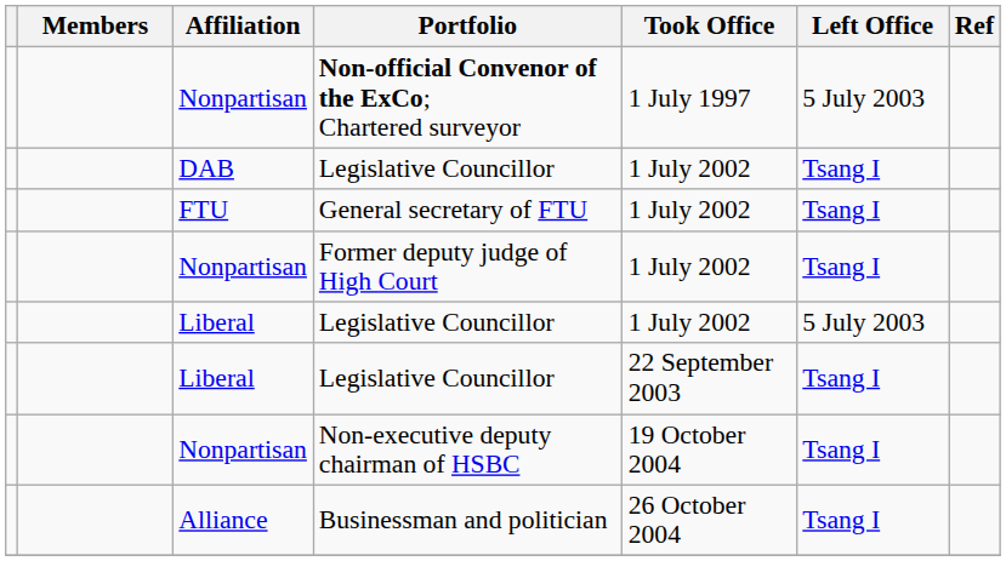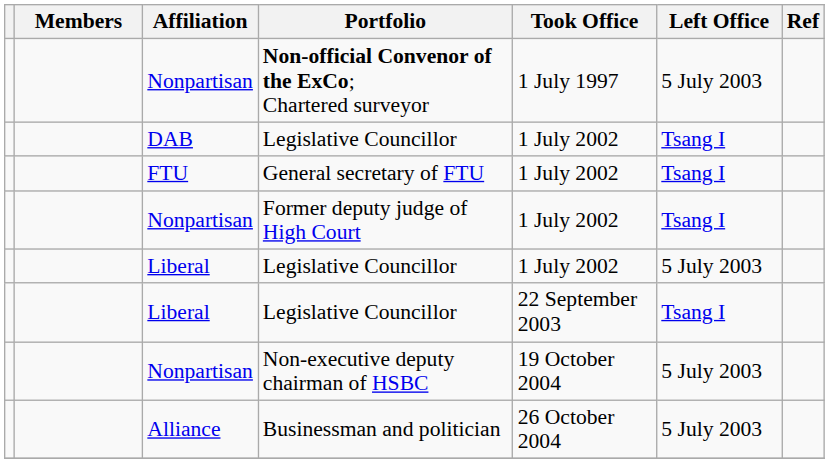 <table class="wikitable">
 <tr>
 <th class="unsortable"></th>
 <th width="110px">Members</th>
 <th width="50px">Affiliation</th>
 <th width="280px">Portfolio</th>
 <th width="130px">Took Office</th>
 <th width="130px">Left Office</th>
 <th>Ref</th>
 </tr>
 <tr>
 <td style="color:inherit;background:"></td>
 <td><strong></strong></td>
 <td><a href='#'>Nonpartisan</a></td>
 <td><strong>Non-official Convenor of the ExCo</strong>;<br>Chartered surveyor</td>
 <td>1 July 1997</td>
 <td>5 July 2003</td>
 <td></td>
 </tr>
 <tr>
 <td style="color:inherit;background:"></td>
 <td></td>
 <td><a href='#'>DAB</a></td>
 <td>Legislative Councillor</td>
 <td>1 July 2002</td>
 <td><a href='#'>Tsang I</a></td>
 <td></td>
 </tr>
 <tr>
 <td style="color:inherit;background:"></td>
 <td></td>
 <td><a href='#'>FTU</a></td>
 <td>General secretary of <a href='#'>FTU</a></td>
 <td>1 July 2002</td>
 <td><a href='#'>Tsang I</a></td>
 <td></td>
 </tr>
 <tr>
 <td style="color:inherit;background:"></td>
 <td></td>
 <td><a href='#'>Nonpartisan</a></td>
 <td>Former deputy judge of <a href='#'>High Court</a></td>
 <td>1 July 2002</td>
 <td><a href='#'>Tsang I</a></td>
 <td></td>
 </tr>
 <tr>
 <td style="color:inherit;background:"></td>
 <td></td>
 <td><a href='#'>Liberal</a></td>
 <td>Legislative Councillor</td>
 <td>1 July 2002</td>
 <td>5 July 2003</td>
 <td></td>
 </tr>
 <tr>
 <td style="color:inherit;background:"></td>
 <td></td>
 <td><a href='#'>Liberal</a></td>
 <td>Legislative Councillor</td>
 <td>22 September 2003</td>
 <td><a href='#'>Tsang I</a></td>
 <td></td>
 </tr>
 <tr>
 <td style="color:inherit;background:"></td>
 <td></td>
 <td><a href='#'>Nonpartisan</a></td>
 <td>Non-executive deputy chairman of <a href='#'>HSBC</a></td>
 <td>19 October 2004</td>
-<td><a href='#'>Tsang I</a></td>
+<td>5 July 2003</td>
 <td></td>
 </tr>
 <tr>
 <td style="color:inherit;background:"></td>
 <td></td>
 <td><a href='#'>Alliance</a></td>
 <td>Businessman and politician</td>
 <td>26 October 2004</td>
-<td><a href='#'>Tsang I</a></td>
+<td>5 July 2003</td>
 <td></td>
 </tr>
 <tr>
 </tr>
 </table>
